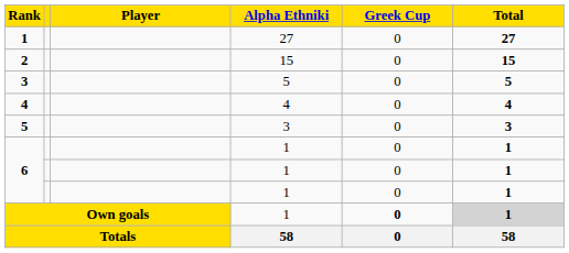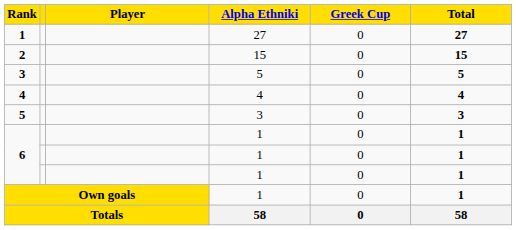 <table class="wikitable sortable" style="text-align: center">
 <tr>
 <th style="background:#FFDE00">Rank</th>
 <th style="background:#FFDE00"></th>
 <th width=200 style="background:#FFDE00">Player</th>
 <th width=120 style="background:#FFDE00"><a href='#'>Alpha Ethniki</a></th>
 <th width=120 style="background:#FFDE00"><a href='#'>Greek Cup</a></th>
 <th width=120 style="background:#FFDE00">Total</th>
 </tr>
 <tr>
 <td><strong>1</strong></td>
 <td></td>
 <td align=left></td>
 <td>27</td>
 <td>0</td>
 <td><strong>27</strong></td>
 </tr>
 <tr>
 <td><strong>2</strong></td>
 <td></td>
 <td align=left></td>
 <td>15</td>
 <td>0</td>
 <td><strong>15</strong></td>
 </tr>
 <tr>
 <td><strong>3</strong></td>
 <td></td>
 <td align=left></td>
 <td>5</td>
 <td>0</td>
 <td><strong>5</strong></td>
 </tr>
 <tr>
 <td><strong>4</strong></td>
 <td></td>
 <td align=left></td>
 <td>4</td>
 <td>0</td>
 <td><strong>4</strong></td>
 </tr>
 <tr>
 <td><strong>5</strong></td>
 <td></td>
 <td align=left></td>
 <td>3</td>
 <td>0</td>
 <td><strong>3</strong></td>
 </tr>
 <tr>
 <td rowspan=3><strong>6</strong></td>
 <td></td>
 <td align=left></td>
 <td>1</td>
 <td>0</td>
 <td><strong>1</strong></td>
 </tr>
 <tr>
 <td></td>
 <td align=left></td>
 <td>1</td>
 <td>0</td>
 <td><strong>1</strong></td>
 </tr>
 <tr>
 <td></td>
 <td align=left></td>
 <td>1</td>
 <td>0</td>
 <td><strong>1</strong></td>
 </tr>
 <tr class="sortbottom">
 <td colspan=3 style="background:#FFDE00"><strong>Own goals</strong></td>
 <td>1</td>
-<td><strong>0</strong></td>
-<td style="background: lightgrey;"><strong>1</strong></td>
+<td>0</td>
+<td><strong>1</strong></td>
 </tr>
 <tr class="sortbottom">
 <th colspan=3 style="background:#FFDE00"><strong>Totals</strong></th>
 <th><strong>58</strong></th>
 <th><strong> 0</strong></th>
 <th><strong>58</strong></th>
 </tr>
 </table>
